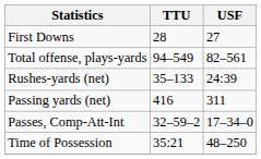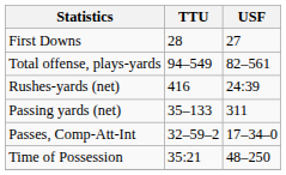 <table class="wikitable">
 <tr>
 <th>Statistics</th>
 <th>TTU</th>
 <th>USF</th>
 </tr>
 <tr>
 <td>First Downs</td>
 <td>28</td>
 <td>27</td>
 </tr>
 <tr>
 <td>Total offense, plays-yards</td>
 <td>94–549</td>
 <td>82–561</td>
 </tr>
 <tr>
 <td>Rushes-yards (net)</td>
-<td>35–133</td>
+<td>416</td>
 <td>24:39</td>
 </tr>
 <tr>
 <td>Passing yards (net)</td>
-<td>416</td>
+<td>35–133</td>
 <td>311</td>
 </tr>
 <tr>
 <td>Passes, Comp-Att-Int</td>
 <td>32–59–2</td>
 <td>17–34–0</td>
 </tr>
 <tr>
 <td>Time of Possession</td>
 <td>35:21</td>
 <td>48–250</td>
 </tr>
 <tr>
 </tr>
 </table>
